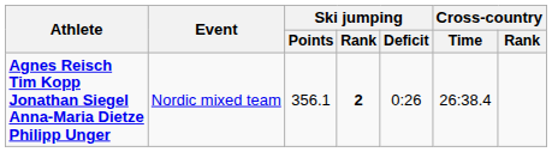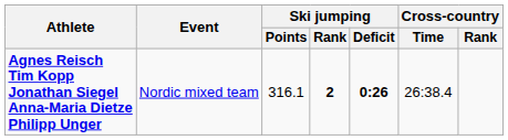 <table class="wikitable" style="font-size:90%">
 <tr>
 <th rowspan="2">Athlete</th>
 <th rowspan="2">Event</th>
 <th colspan="3">Ski jumping</th>
 <th colspan="2">Cross-country</th>
 </tr>
 <tr style="font-size:95%">
 <th>Points</th>
 <th>Rank</th>
 <th>Deficit</th>
 <th>Time</th>
 <th>Rank</th>
 </tr>
 <tr align=center>
 <td align=left><strong><a href='#'>Agnes Reisch</a><br><a href='#'>Tim Kopp</a><br><a href='#'>Jonathan Siegel</a><br><a href='#'>Anna-Maria Dietze</a><br><a href='#'>Philipp Unger</a></strong></td>
 <td align=left><a href='#'>Nordic mixed team</a></td>
-<td>356.1</td>
+<td>316.1</td>
 <td><strong>2</strong></td>
-<td>0:26</td>
+<td><strong>0:26</strong></td>
 <td>26:38.4</td>
 <td></td>
 </tr>
 </table>
